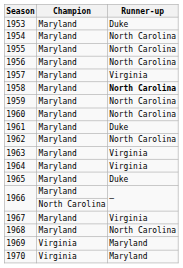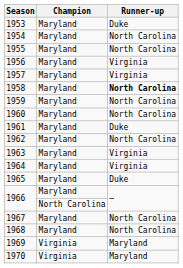 <table class="wikitable sortable">
 <tr>
 <th width=px>Season</th>
 <th width=px>Champion</th>
 <th width=px>Runner-up</th>
 </tr>
 <tr>
 <td>1953</td>
 <td>Maryland</td>
 <td>Duke</td>
 </tr>
 <tr>
 <td>1954</td>
 <td>Maryland</td>
 <td>North Carolina</td>
 </tr>
 <tr>
 <td>1955</td>
 <td>Maryland</td>
 <td>North Carolina</td>
 </tr>
 <tr>
 <td>1956</td>
 <td>Maryland</td>
-<td>North Carolina</td>
+<td>Virginia</td>
 </tr>
 <tr>
 <td>1957</td>
 <td>Maryland</td>
 <td>Virginia</td>
 </tr>
 <tr>
 <td>1958</td>
 <td>Maryland</td>
 <td><strong>North Carolina</strong></td>
 </tr>
 <tr>
 <td>1959</td>
 <td>Maryland</td>
 <td>North Carolina</td>
 </tr>
 <tr>
 <td>1960</td>
 <td>Maryland</td>
 <td>North Carolina</td>
 </tr>
 <tr>
 <td>1961</td>
 <td>Maryland</td>
 <td>Duke</td>
 </tr>
 <tr>
 <td>1962</td>
 <td>Maryland</td>
 <td>North Carolina</td>
 </tr>
 <tr>
 <td>1963</td>
 <td>Maryland</td>
 <td>Virginia</td>
 </tr>
 <tr>
 <td>1964</td>
 <td>Maryland</td>
 <td>Virginia</td>
 </tr>
 <tr>
 <td>1965</td>
 <td>Maryland</td>
 <td>Duke</td>
 </tr>
 <tr>
 <td rowspan=2>1966</td>
 <td>Maryland</td>
 <td rowspan=2>—</td>
 </tr>
 <tr>
 <td>North Carolina</td>
 </tr>
 <tr>
 <td>1967</td>
 <td>Maryland</td>
-<td>Virginia</td>
+<td>North Carolina</td>
 </tr>
 <tr>
 <td>1968</td>
 <td>Maryland</td>
 <td>North Carolina</td>
 </tr>
 <tr>
 <td>1969</td>
 <td>Virginia</td>
 <td>Maryland</td>
 </tr>
 <tr>
 <td>1970</td>
 <td>Virginia</td>
 <td>Maryland</td>
 </tr>
 </table>
